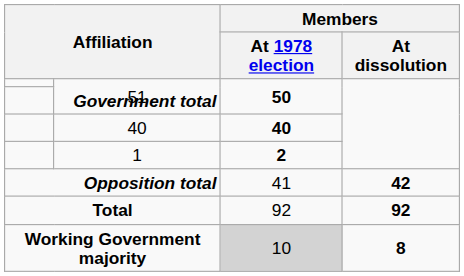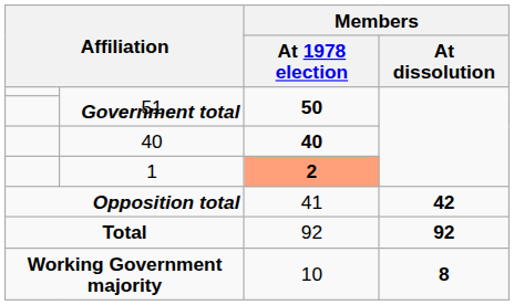 <table class="wikitable" border="1" style="font-size:95%; width:300pt; text-align:center">
 <tr>
 <th colspan="2" rowspan="2" style="text-align:center;vertical-align:middle; ">Affiliation</th>
 <th colspan="2" style="vertical-align:top;">Members</th>
 </tr>
 <tr>
 <th>At <a href='#'>1978 election</a></th>
 <th>At dissolution</th>
 </tr>
 <tr>
 <td></td>
 <td rowspan="2">51</td>
 <td rowspan="2"><strong>50</strong></td>
 </tr>
 <tr>
 <td colspan="2" rowspan="1" style="text-align:right; "><strong><em>Government total</em></strong></td>
 </tr>
 <tr>
 <td></td>
 <td>40</td>
 <td><strong>40</strong></td>
 </tr>
 <tr>
 <td></td>
 <td>1</td>
-<td><strong>2</strong></td>
+<td style="background: lightsalmon;"><strong>2</strong></td>
 </tr>
 <tr>
 <td colspan="2" rowspan="1" style="text-align:right; "><strong><em>Opposition total</em></strong></td>
 <td>41</td>
 <td><strong>42</strong></td>
 </tr>
 <tr>
 <td colspan="2" rowspan="1"><strong>Total</strong><br></td>
 <td>92</td>
 <td><strong>92</strong></td>
 </tr>
 <tr>
 <td colspan="2" rowspan="1"><strong>Working Government majority</strong></td>
-<td style="background: lightgrey;">10</td>
+<td>10</td>
 <td><strong>8</strong></td>
 </tr>
 </table>
